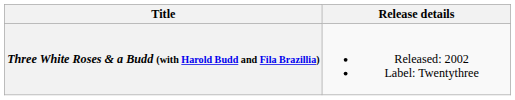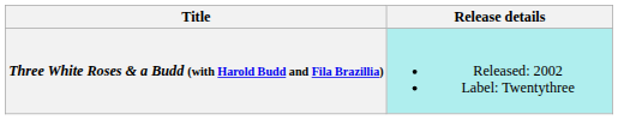 <table class="wikitable plainrowheaders" style="text-align:center;">
 <tr>
 <th scope="col">Title</th>
 <th scope="col" style="width:15em;">Release details</th>
 </tr>
 <tr>
 <th scope="row"><em>Three White Roses & a Budd</em> <small>(with <a href='#'>Harold Budd</a> and <a href='#'>Fila Brazillia</a>)</small></th>
-<td><br><ul><li>Released: 2002</li><li>Label: Twentythree</li></ul></td>
+<td style="background: paleturquoise;"><br><ul><li>Released: 2002</li><li>Label: Twentythree</li></ul></td>
 </tr>
 </table>
